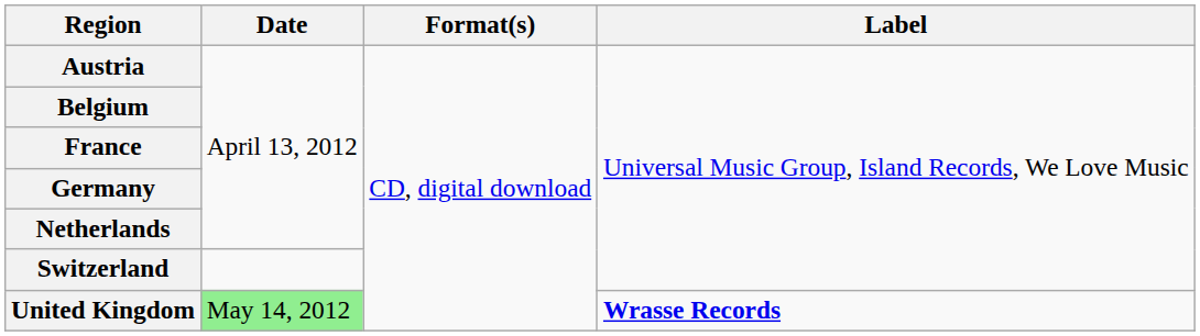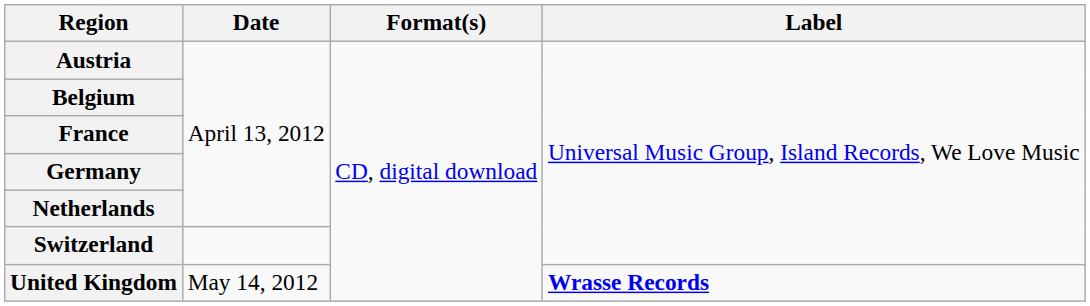 <table class="wikitable plainrowheaders">
 <tr>
 <th scope="col">Region</th>
 <th scope="col">Date</th>
 <th scope="col">Format(s)</th>
 <th scope="col">Label</th>
 </tr>
 <tr>
 <th scope="row">Austria</th>
 <td rowspan="5">April 13, 2012</td>
 <td rowspan="7"><a href='#'>CD</a>, <a href='#'>digital download</a></td>
 <td rowspan="6"><a href='#'>Universal Music Group</a>, <a href='#'>Island Records</a>, We Love Music</td>
 </tr>
 <tr>
 <th scope="row">Belgium</th>
 </tr>
 <tr>
 <th scope="row">France</th>
 </tr>
 <tr>
 <th scope="row">Germany</th>
 </tr>
 <tr>
 <th scope="row">Netherlands</th>
 </tr>
 <tr>
 <th scope="row">Switzerland</th>
 </tr>
 <tr>
 <th scope="row">United Kingdom</th>
-<td style="background: lightgreen;">May 14, 2012</td>
+<td>May 14, 2012</td>
 <td><strong><a href='#'>Wrasse Records</a></strong></td>
 </tr>
 </table>
